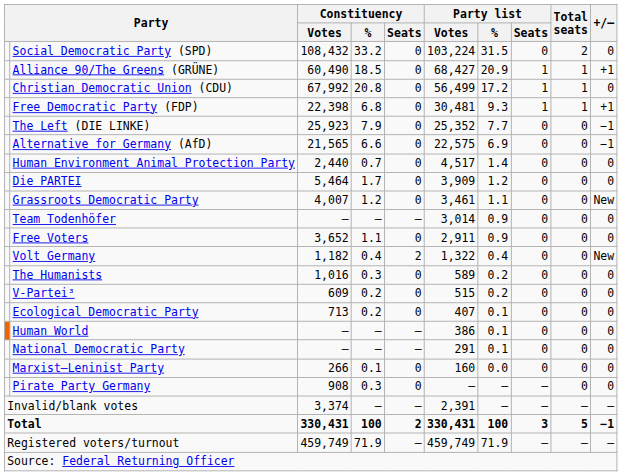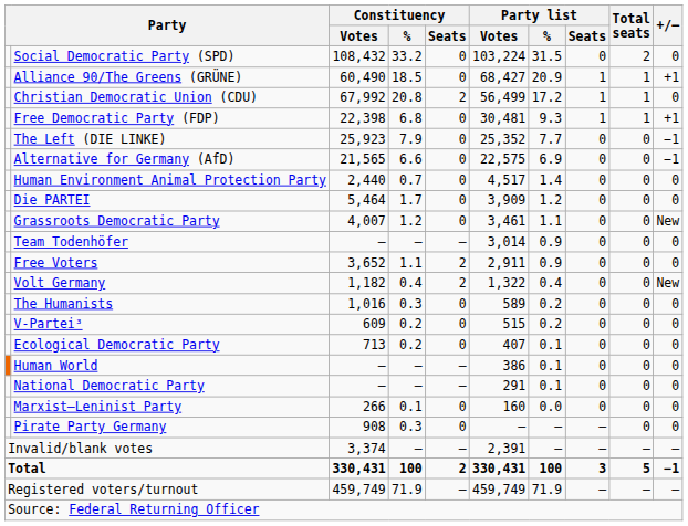 <table class="wikitable" style="text-align:right">
 <tr>
 <th colspan="2" rowspan="2">Party</th>
 <th colspan="3">Constituency</th>
 <th colspan="3">Party list</th>
 <th rowspan="2">Total<br>seats</th>
 <th rowspan="2">+/–</th>
 </tr>
 <tr>
 <th>Votes</th>
 <th>%</th>
 <th>Seats</th>
 <th>Votes</th>
 <th>%</th>
 <th>Seats</th>
 </tr>
 <tr>
 <td></td>
 <td align="left"><a href='#'>Social Democratic Party</a> (SPD)</td>
 <td>108,432</td>
 <td>33.2</td>
 <td>0</td>
 <td>103,224</td>
 <td>31.5</td>
 <td>0</td>
 <td>2</td>
 <td>0</td>
 </tr>
 <tr>
 <td></td>
 <td align="left"><a href='#'>Alliance 90/The Greens</a> (GRÜNE)</td>
 <td>60,490</td>
 <td>18.5</td>
 <td>0</td>
 <td>68,427</td>
 <td>20.9</td>
 <td>1</td>
 <td>1</td>
 <td>+1</td>
 </tr>
 <tr>
 <td></td>
 <td align="left"><a href='#'>Christian Democratic Union</a> (CDU)</td>
 <td>67,992</td>
 <td>20.8</td>
-<td>0</td>
+<td>2</td>
 <td>56,499</td>
 <td>17.2</td>
 <td>1</td>
 <td>1</td>
 <td>0</td>
 </tr>
 <tr>
 <td></td>
 <td align="left"><a href='#'>Free Democratic Party</a> (FDP)</td>
 <td>22,398</td>
 <td>6.8</td>
 <td>0</td>
 <td>30,481</td>
 <td>9.3</td>
 <td>1</td>
 <td>1</td>
 <td>+1</td>
 </tr>
 <tr>
 <td></td>
 <td align="left"><a href='#'>The Left</a> (DIE LINKE)</td>
 <td>25,923</td>
 <td>7.9</td>
 <td>0</td>
 <td>25,352</td>
 <td>7.7</td>
 <td>0</td>
 <td>0</td>
 <td>−1</td>
 </tr>
 <tr>
 <td></td>
 <td align="left"><a href='#'>Alternative for Germany</a> (AfD)</td>
 <td>21,565</td>
 <td>6.6</td>
 <td>0</td>
 <td>22,575</td>
 <td>6.9</td>
 <td>0</td>
 <td>0</td>
 <td>−1</td>
 </tr>
 <tr>
 <td style="background-color:"></td>
 <td align="left"><a href='#'>Human Environment Animal Protection Party</a></td>
 <td>2,440</td>
 <td>0.7</td>
 <td>0</td>
 <td>4,517</td>
 <td>1.4</td>
 <td>0</td>
 <td>0</td>
 <td>0</td>
 </tr>
 <tr>
 <td style="background-color:"></td>
 <td align="left"><a href='#'>Die PARTEI</a></td>
 <td>5,464</td>
 <td>1.7</td>
 <td>0</td>
 <td>3,909</td>
 <td>1.2</td>
 <td>0</td>
 <td>0</td>
 <td>0</td>
 </tr>
 <tr>
 <td style="background-color:"></td>
 <td align="left"><a href='#'>Grassroots Democratic Party</a></td>
 <td>4,007</td>
 <td>1.2</td>
 <td>0</td>
 <td>3,461</td>
 <td>1.1</td>
 <td>0</td>
 <td>0</td>
 <td>New</td>
 </tr>
 <tr>
 <td style="background-color:"></td>
 <td align="left"><a href='#'>Team Todenhöfer</a></td>
 <td>–</td>
 <td>–</td>
 <td>–</td>
 <td>3,014</td>
 <td>0.9</td>
 <td>0</td>
 <td>0</td>
 <td>0</td>
 </tr>
 <tr>
 <td style="background-color:"></td>
 <td align="left"><a href='#'>Free Voters</a></td>
 <td>3,652</td>
 <td>1.1</td>
-<td>0</td>
+<td>2</td>
 <td>2,911</td>
 <td>0.9</td>
 <td>0</td>
 <td>0</td>
 <td>0</td>
 </tr>
 <tr>
 <td style="background-color:"></td>
 <td align="left"><a href='#'>Volt Germany</a></td>
 <td>1,182</td>
 <td>0.4</td>
 <td>2</td>
 <td>1,322</td>
 <td>0.4</td>
 <td>0</td>
 <td>0</td>
 <td>New</td>
 </tr>
 <tr>
 <td style="background-color:"></td>
 <td align="left"><a href='#'>The Humanists</a></td>
 <td>1,016</td>
 <td>0.3</td>
 <td>0</td>
 <td>589</td>
 <td>0.2</td>
 <td>0</td>
 <td>0</td>
 <td>0</td>
 </tr>
 <tr>
 <td style="background-color:"></td>
 <td align="left"><a href='#'>V-Partei³</a></td>
 <td>609</td>
 <td>0.2</td>
 <td>0</td>
 <td>515</td>
 <td>0.2</td>
 <td>0</td>
 <td>0</td>
 <td>0</td>
 </tr>
 <tr>
 <td style="background-color:"></td>
 <td align="left"><a href='#'>Ecological Democratic Party</a></td>
 <td>713</td>
 <td>0.2</td>
 <td>0</td>
 <td>407</td>
 <td>0.1</td>
 <td>0</td>
 <td>0</td>
 <td>0</td>
 </tr>
 <tr>
 <td style="background-color:#EE6600"></td>
 <td align="left"><a href='#'>Human World</a></td>
 <td>–</td>
 <td>–</td>
 <td>–</td>
 <td>386</td>
 <td>0.1</td>
 <td>0</td>
 <td>0</td>
 <td>0</td>
 </tr>
 <tr>
 <td style="background-color:"></td>
 <td align="left"><a href='#'>National Democratic Party</a></td>
 <td>–</td>
 <td>–</td>
 <td>–</td>
 <td>291</td>
 <td>0.1</td>
 <td>0</td>
 <td>0</td>
 <td>0</td>
 </tr>
 <tr>
 <td style="background-color:"></td>
 <td align="left"><a href='#'>Marxist–Leninist Party</a></td>
 <td>266</td>
 <td>0.1</td>
 <td>0</td>
 <td>160</td>
 <td>0.0</td>
 <td>0</td>
 <td>0</td>
 <td>0</td>
 </tr>
 <tr>
 <td style="background-color:"></td>
 <td align="left"><a href='#'>Pirate Party Germany</a></td>
 <td>908</td>
 <td>0.3</td>
 <td>0</td>
 <td>–</td>
 <td>–</td>
 <td>–</td>
 <td>0</td>
 <td>0</td>
 </tr>
 <tr>
 <td colspan="2" align="left">Invalid/blank votes</td>
 <td>3,374</td>
 <td>–</td>
 <td>–</td>
 <td>2,391</td>
 <td>–</td>
 <td>–</td>
 <td>–</td>
 <td>–</td>
 </tr>
 <tr>
 <td colspan="2" align="left"><strong>Total</strong></td>
 <td><strong>330,431</strong></td>
 <td><strong>100</strong></td>
 <td><strong>2</strong></td>
 <td><strong>330,431</strong></td>
 <td><strong>100</strong></td>
 <td><strong>3</strong></td>
 <td><strong>5</strong></td>
 <td><strong>−1</strong></td>
 </tr>
 <tr>
 <td colspan="2" align="left">Registered voters/turnout</td>
 <td>459,749</td>
 <td>71.9</td>
 <td>–</td>
 <td>459,749</td>
 <td>71.9</td>
 <td>–</td>
 <td>–</td>
 <td>–</td>
 </tr>
 <tr>
 <td colspan="10" align="left">Source: <a href='#'>Federal Returning Officer</a></td>
 </tr>
 </table>
